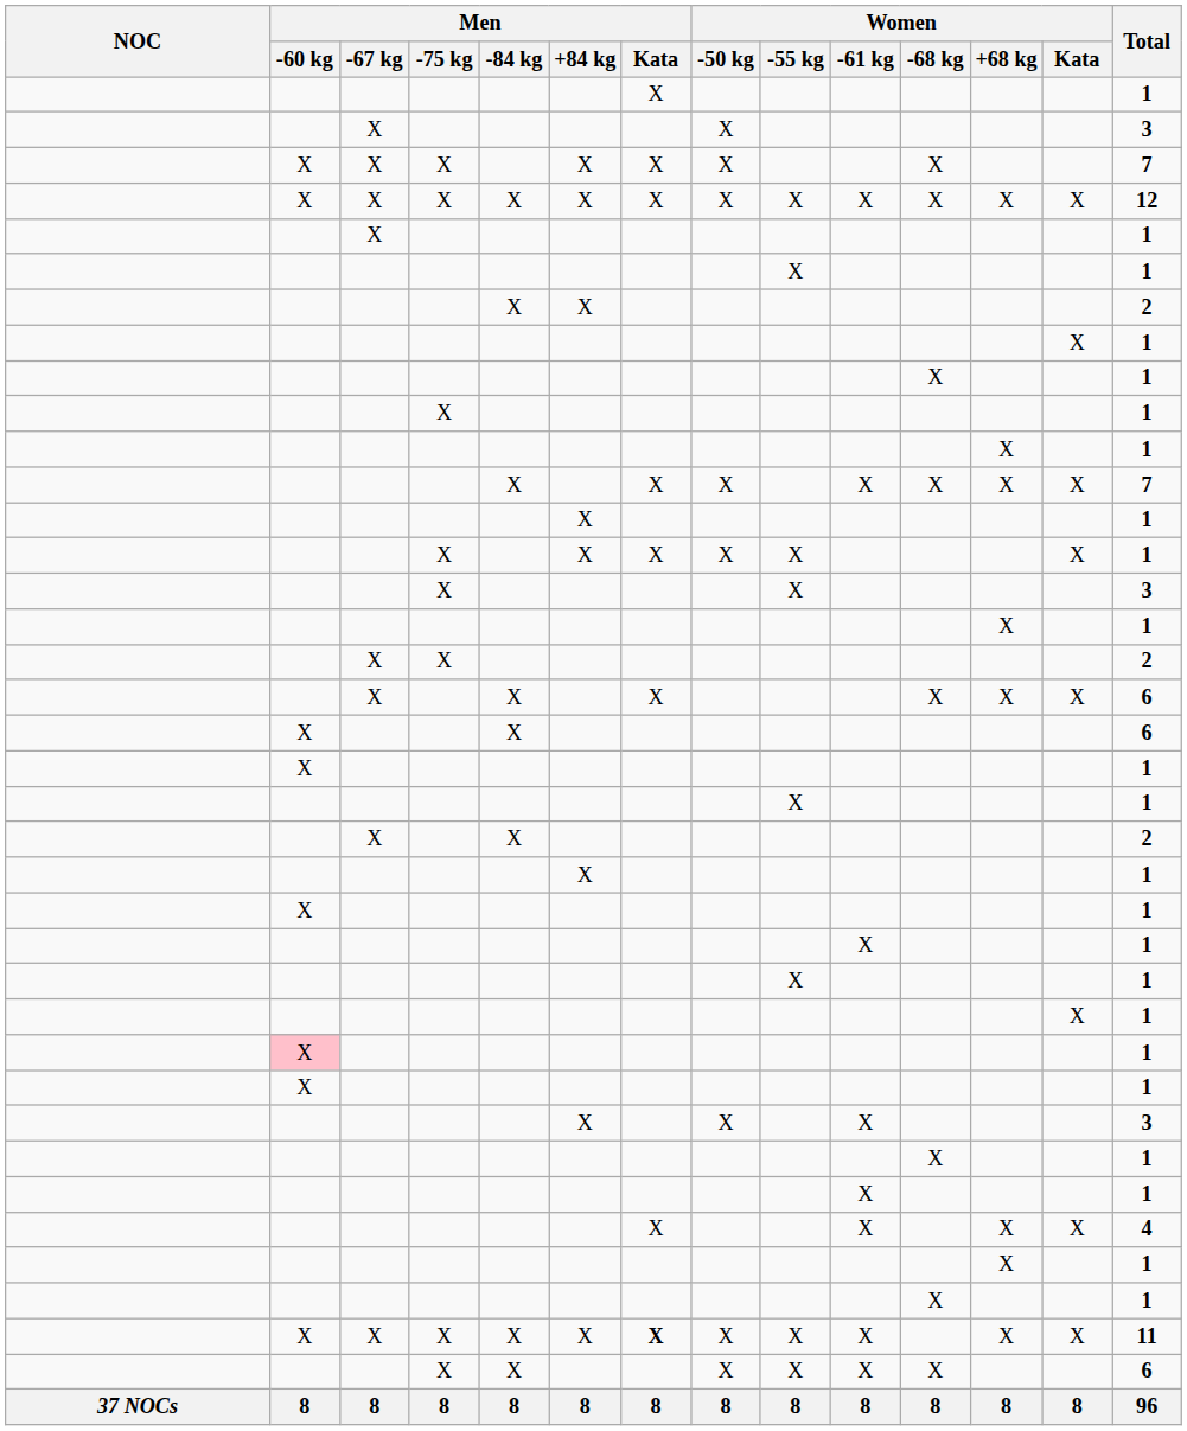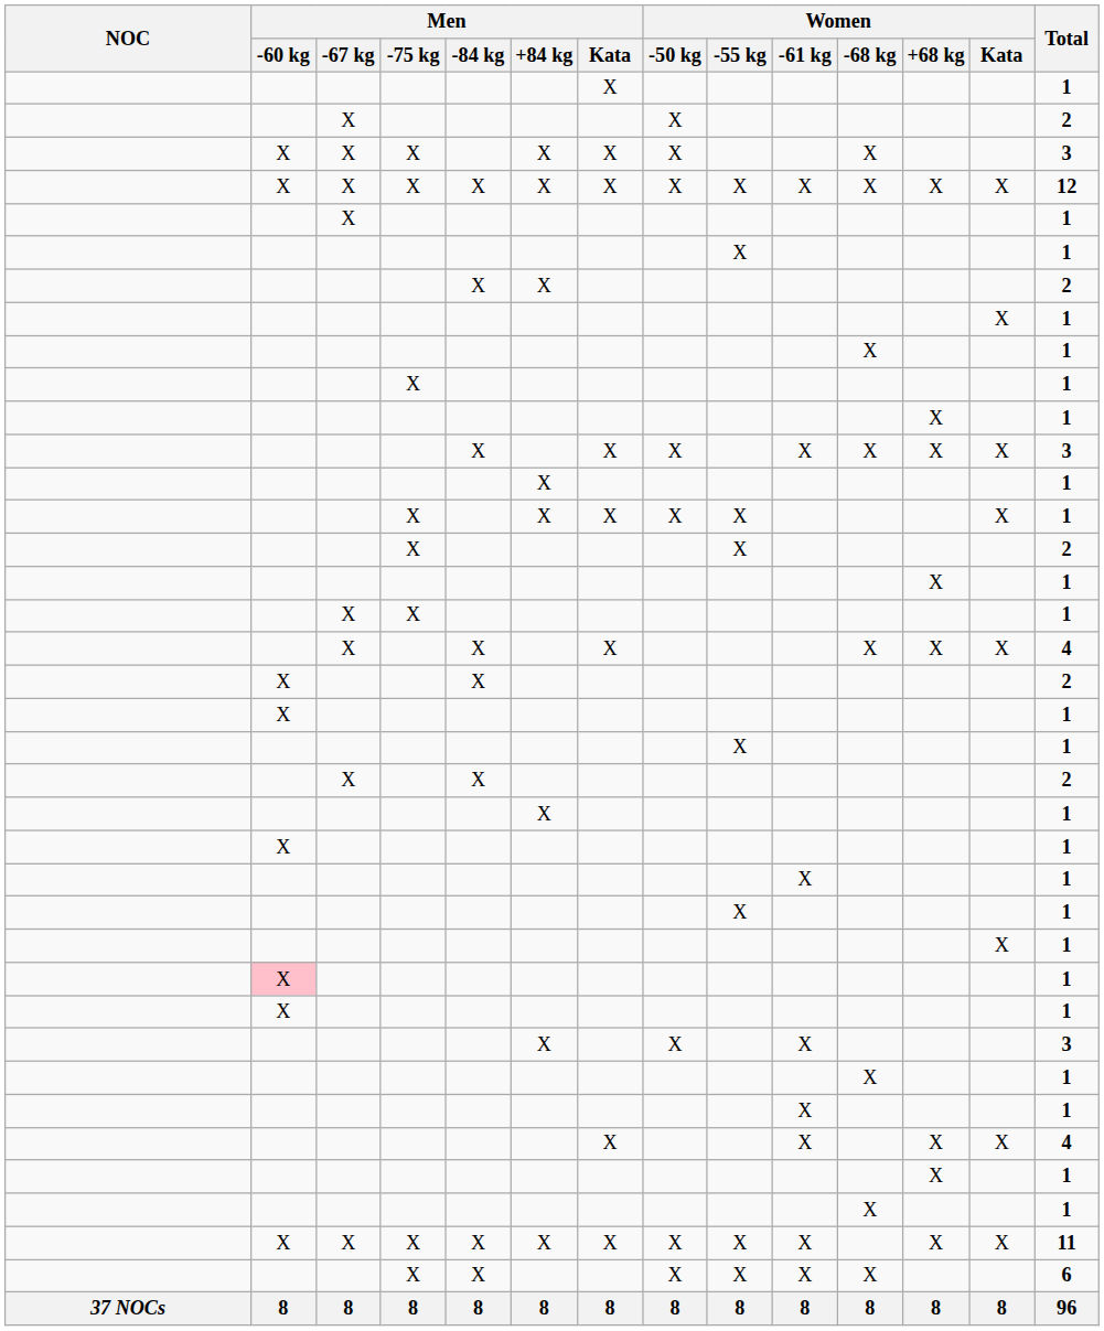 <table class="wikitable collapsible" style="text-align:center; font-size:90%">
 <tr>
 <th rowspan=2 width=170 align=left>NOC</th>
 <th colspan=6>Men</th>
 <th colspan=6>Women</th>
 <th rowspan=2 width=40>Total</th>
 </tr>
 <tr>
 <th width=40>-60 kg</th>
 <th width=40>-67 kg</th>
 <th width=40>-75 kg</th>
 <th width=40>-84 kg</th>
 <th width=40>+84 kg</th>
 <th width=40>Kata</th>
 <th width=40>-50 kg</th>
 <th width=40>-55 kg</th>
 <th width=40>-61 kg</th>
 <th width=40>-68 kg</th>
 <th width=40>+68 kg</th>
 <th width=40>Kata</th>
 </tr>
 <tr>
 <td align=left></td>
 <td></td>
 <td></td>
 <td></td>
 <td></td>
 <td></td>
 <td>X</td>
 <td></td>
 <td></td>
 <td></td>
 <td></td>
 <td></td>
 <td></td>
 <td><strong>1</strong></td>
 </tr>
 <tr>
 <td align=left></td>
 <td></td>
 <td>X</td>
 <td></td>
 <td></td>
 <td></td>
 <td></td>
 <td>X</td>
 <td></td>
 <td></td>
 <td></td>
 <td></td>
 <td></td>
-<td><strong>3</strong></td>
+<td><strong>2</strong></td>
 </tr>
 <tr>
 <td align=left></td>
 <td>X</td>
 <td>X</td>
 <td>X</td>
 <td></td>
 <td>X</td>
 <td>X</td>
 <td>X</td>
 <td></td>
 <td></td>
 <td>X</td>
 <td></td>
 <td></td>
-<td><strong>7</strong></td>
+<td><strong>3</strong></td>
 </tr>
 <tr>
 <td align=left></td>
 <td>X</td>
 <td>X</td>
 <td>X</td>
 <td>X</td>
 <td>X</td>
 <td>X</td>
 <td>X</td>
 <td>X</td>
 <td>X</td>
 <td>X</td>
 <td>X</td>
 <td>X</td>
 <td><strong>12</strong></td>
 </tr>
 <tr>
 <td align=left></td>
 <td></td>
 <td>X</td>
 <td></td>
 <td></td>
 <td></td>
 <td></td>
 <td></td>
 <td></td>
 <td></td>
 <td></td>
 <td></td>
 <td></td>
 <td><strong>1</strong></td>
 </tr>
 <tr>
 <td align=left></td>
 <td></td>
 <td></td>
 <td></td>
 <td></td>
 <td></td>
 <td></td>
 <td></td>
 <td>X</td>
 <td></td>
 <td></td>
 <td></td>
 <td></td>
 <td><strong>1</strong></td>
 </tr>
 <tr>
 <td align=left></td>
 <td></td>
 <td></td>
 <td></td>
 <td>X</td>
 <td>X</td>
 <td></td>
 <td></td>
 <td></td>
 <td></td>
 <td></td>
 <td></td>
 <td></td>
 <td><strong>2</strong></td>
 </tr>
 <tr>
 <td align=left></td>
 <td></td>
 <td></td>
 <td></td>
 <td></td>
 <td></td>
 <td></td>
 <td></td>
 <td></td>
 <td></td>
 <td></td>
 <td></td>
 <td>X</td>
 <td><strong>1</strong></td>
 </tr>
 <tr>
 <td align=left></td>
 <td></td>
 <td></td>
 <td></td>
 <td></td>
 <td></td>
 <td></td>
 <td></td>
 <td></td>
 <td></td>
 <td>X</td>
 <td></td>
 <td></td>
 <td><strong>1</strong></td>
 </tr>
 <tr>
 <td align=left></td>
 <td></td>
 <td></td>
 <td>X</td>
 <td></td>
 <td></td>
 <td></td>
 <td></td>
 <td></td>
 <td></td>
 <td></td>
 <td></td>
 <td></td>
 <td><strong>1</strong></td>
 </tr>
 <tr>
 <td align=left></td>
 <td></td>
 <td></td>
 <td></td>
 <td></td>
 <td></td>
 <td></td>
 <td></td>
 <td></td>
 <td></td>
 <td></td>
 <td>X</td>
 <td></td>
 <td><strong>1</strong></td>
 </tr>
 <tr>
 <td align=left></td>
 <td></td>
 <td></td>
 <td></td>
 <td>X</td>
 <td></td>
 <td>X</td>
 <td>X</td>
 <td></td>
 <td>X</td>
 <td>X</td>
 <td>X</td>
 <td>X</td>
-<td><strong>7</strong></td>
+<td><strong>3</strong></td>
 </tr>
 <tr>
 <td align=left></td>
 <td></td>
 <td></td>
 <td></td>
 <td></td>
 <td>X</td>
 <td></td>
 <td></td>
 <td></td>
 <td></td>
 <td></td>
 <td></td>
 <td></td>
 <td><strong>1</strong></td>
 </tr>
 <tr>
 <td align=left></td>
 <td></td>
 <td></td>
 <td>X</td>
 <td></td>
 <td>X</td>
 <td>X</td>
 <td>X</td>
 <td>X</td>
 <td></td>
 <td></td>
 <td></td>
 <td>X</td>
 <td><strong>1</strong></td>
 </tr>
 <tr>
 <td align=left></td>
 <td></td>
 <td></td>
 <td>X</td>
 <td></td>
 <td></td>
 <td></td>
 <td></td>
 <td>X</td>
 <td></td>
 <td></td>
 <td></td>
 <td></td>
-<td><strong>3</strong></td>
+<td><strong>2</strong></td>
 </tr>
 <tr>
 <td align=left></td>
 <td></td>
 <td></td>
 <td></td>
 <td></td>
 <td></td>
 <td></td>
 <td></td>
 <td></td>
 <td></td>
 <td></td>
 <td>X</td>
 <td></td>
 <td><strong>1</strong></td>
 </tr>
 <tr>
 <td align=left></td>
 <td></td>
 <td>X</td>
 <td>X</td>
 <td></td>
 <td></td>
 <td></td>
 <td></td>
 <td></td>
 <td></td>
 <td></td>
 <td></td>
 <td></td>
-<td><strong>2</strong></td>
+<td><strong>1</strong></td>
 </tr>
 <tr>
 <td align=left></td>
 <td></td>
 <td>X</td>
 <td></td>
 <td>X</td>
 <td></td>
 <td>X</td>
 <td></td>
 <td></td>
 <td></td>
 <td>X</td>
 <td>X</td>
 <td>X</td>
-<td><strong>6</strong></td>
+<td><strong>4</strong></td>
 </tr>
 <tr>
 <td align=left></td>
 <td>X</td>
 <td></td>
 <td></td>
 <td>X</td>
 <td></td>
 <td></td>
 <td></td>
 <td></td>
 <td></td>
 <td></td>
 <td></td>
 <td></td>
-<td><strong>6</strong></td>
+<td><strong>2</strong></td>
 </tr>
 <tr>
 <td align=left></td>
 <td>X</td>
 <td></td>
 <td></td>
 <td></td>
 <td></td>
 <td></td>
 <td></td>
 <td></td>
 <td></td>
 <td></td>
 <td></td>
 <td></td>
 <td><strong>1</strong></td>
 </tr>
 <tr>
 <td align=left></td>
 <td></td>
 <td></td>
 <td></td>
 <td></td>
 <td></td>
 <td></td>
 <td></td>
 <td>X</td>
 <td></td>
 <td></td>
 <td></td>
 <td></td>
 <td><strong>1</strong></td>
 </tr>
 <tr>
 <td align=left></td>
 <td></td>
 <td>X</td>
 <td></td>
 <td>X</td>
 <td></td>
 <td></td>
 <td></td>
 <td></td>
 <td></td>
 <td></td>
 <td></td>
 <td></td>
 <td><strong>2</strong></td>
 </tr>
 <tr>
 <td align=left></td>
 <td></td>
 <td></td>
 <td></td>
 <td></td>
 <td>X</td>
 <td></td>
 <td></td>
 <td></td>
 <td></td>
 <td></td>
 <td></td>
 <td></td>
 <td><strong>1</strong></td>
 </tr>
 <tr>
 <td align=left></td>
 <td>X</td>
 <td></td>
 <td></td>
 <td></td>
 <td></td>
 <td></td>
 <td></td>
 <td></td>
 <td></td>
 <td></td>
 <td></td>
 <td></td>
 <td><strong>1</strong></td>
 </tr>
 <tr>
 <td align=left></td>
 <td></td>
 <td></td>
 <td></td>
 <td></td>
 <td></td>
 <td></td>
 <td></td>
 <td></td>
 <td>X</td>
 <td></td>
 <td></td>
 <td></td>
 <td><strong>1</strong></td>
 </tr>
 <tr>
 <td align=left></td>
 <td></td>
 <td></td>
 <td></td>
 <td></td>
 <td></td>
 <td></td>
 <td></td>
 <td>X</td>
 <td></td>
 <td></td>
 <td></td>
 <td></td>
 <td><strong>1</strong></td>
 </tr>
 <tr>
 <td align=left></td>
 <td></td>
 <td></td>
 <td></td>
 <td></td>
 <td></td>
 <td></td>
 <td></td>
 <td></td>
 <td></td>
 <td></td>
 <td></td>
 <td>X</td>
 <td><strong>1</strong></td>
 </tr>
 <tr>
 <td align=left></td>
 <td style="background: pink;">X</td>
 <td></td>
 <td></td>
 <td></td>
 <td></td>
 <td></td>
 <td></td>
 <td></td>
 <td></td>
 <td></td>
 <td></td>
 <td></td>
 <td><strong>1</strong></td>
 </tr>
 <tr>
 <td align=left></td>
 <td>X</td>
 <td></td>
 <td></td>
 <td></td>
 <td></td>
 <td></td>
 <td></td>
 <td></td>
 <td></td>
 <td></td>
 <td></td>
 <td></td>
 <td><strong>1</strong></td>
 </tr>
 <tr>
 <td align=left></td>
 <td></td>
 <td></td>
 <td></td>
 <td></td>
 <td>X</td>
 <td></td>
 <td>X</td>
 <td></td>
 <td>X</td>
 <td></td>
 <td></td>
 <td></td>
 <td><strong>3</strong></td>
 </tr>
 <tr>
 <td align=left></td>
 <td></td>
 <td></td>
 <td></td>
 <td></td>
 <td></td>
 <td></td>
 <td></td>
 <td></td>
 <td></td>
 <td>X</td>
 <td></td>
 <td></td>
 <td><strong>1</strong></td>
 </tr>
 <tr>
 <td align=left></td>
 <td></td>
 <td></td>
 <td></td>
 <td></td>
 <td></td>
 <td></td>
 <td></td>
 <td></td>
 <td>X</td>
 <td></td>
 <td></td>
 <td></td>
 <td><strong>1</strong></td>
 </tr>
 <tr>
 <td align=left></td>
 <td></td>
 <td></td>
 <td></td>
 <td></td>
 <td></td>
 <td>X</td>
 <td></td>
 <td></td>
 <td>X</td>
 <td></td>
 <td>X</td>
 <td>X</td>
 <td><strong>4</strong></td>
 </tr>
 <tr>
 <td align=left></td>
 <td></td>
 <td></td>
 <td></td>
 <td></td>
 <td></td>
 <td></td>
 <td></td>
 <td></td>
 <td></td>
 <td></td>
 <td>X</td>
 <td></td>
 <td><strong>1</strong></td>
 </tr>
 <tr>
 <td align=left></td>
 <td></td>
 <td></td>
 <td></td>
 <td></td>
 <td></td>
 <td></td>
 <td></td>
 <td></td>
 <td></td>
 <td>X</td>
 <td></td>
 <td></td>
 <td><strong>1</strong></td>
 </tr>
 <tr>
 <td align=left></td>
 <td>X</td>
 <td>X</td>
 <td>X</td>
 <td>X</td>
 <td>X</td>
-<td><strong>X</strong></td>
+<td>X</td>
 <td>X</td>
 <td>X</td>
 <td>X</td>
 <td></td>
 <td>X</td>
 <td>X</td>
 <td><strong>11</strong></td>
 </tr>
 <tr>
 <td align=left></td>
 <td></td>
 <td></td>
 <td>X</td>
 <td>X</td>
 <td></td>
 <td></td>
 <td>X</td>
 <td>X</td>
 <td>X</td>
 <td>X</td>
 <td></td>
 <td></td>
 <td><strong>6</strong></td>
 </tr>
 <tr>
 <th><em>37 NOCs</em></th>
 <th>8</th>
 <th>8</th>
 <th>8</th>
 <th>8</th>
 <th>8</th>
 <th>8</th>
 <th>8</th>
 <th>8</th>
 <th>8</th>
 <th>8</th>
 <th>8</th>
 <th>8</th>
 <th>96</th>
 </tr>
 </table>
